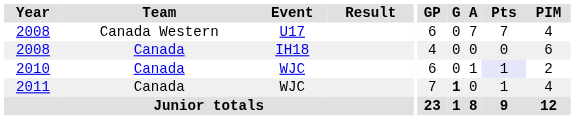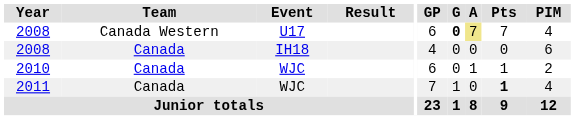 <table border="0" cellpadding="1" cellspacing="0" ID="Table3" style="text-align:center; width:40em">
 <tr ALIGN="center" bgcolor="#e0e0e0">
 <th>Year</th>
 <th>Team</th>
 <th>Event</th>
 <th>Result</th>
 <th rowspan="99" bgcolor="#ffffff"></th>
 <th>GP</th>
 <th>G</th>
 <th>A</th>
 <th>Pts</th>
 <th>PIM</th>
 </tr>
 <tr>
 <td><a href='#'>2008</a></td>
 <td>Canada Western</td>
 <td><a href='#'>U17</a></td>
 <td></td>
 <td>6</td>
-<td>0</td>
-<td>7</td>
+<td><strong>0</strong></td>
+<td style="background: khaki;">7</td>
 <td>7</td>
 <td>4</td>
 </tr>
 <tr bgcolor="#f0f0f0">
 <td><a href='#'>2008</a></td>
 <td><a href='#'>Canada</a></td>
 <td><a href='#'>IH18</a></td>
 <td></td>
 <td>4</td>
 <td>0</td>
 <td>0</td>
 <td>0</td>
 <td>6</td>
 </tr>
 <tr>
 <td><a href='#'>2010</a></td>
 <td><a href='#'>Canada</a></td>
 <td><a href='#'>WJC</a></td>
 <td></td>
 <td>6</td>
 <td>0</td>
 <td>1</td>
-<td style="background: lavender;">1</td>
+<td>1</td>
 <td>2</td>
 </tr>
 <tr bgcolor="#f0f0f0">
 <td><a href='#'>2011</a></td>
 <td>Canada</td>
 <td>WJC</td>
 <td></td>
 <td>7</td>
+<td>1</td>
+<td>0</td>
 <td><strong>1</strong></td>
-<td>0</td>
-<td>1</td>
 <td>4</td>
 </tr>
 <tr bgcolor="#e0e0e0">
 <th colspan="4">Junior totals</th>
 <th>23</th>
 <th>1</th>
 <th>8</th>
 <th>9</th>
 <th>12</th>
 </tr>
 </table>
